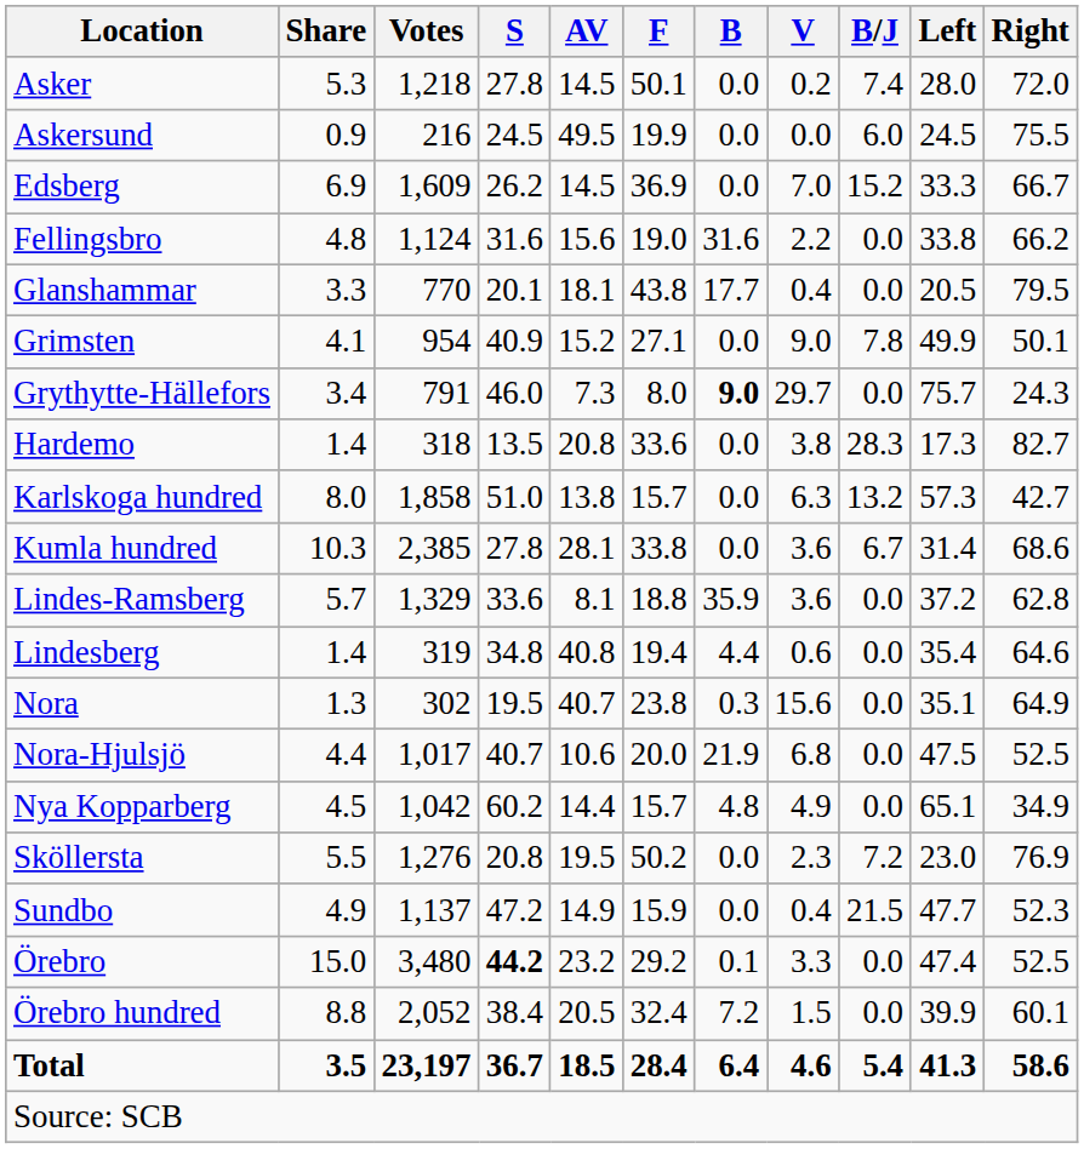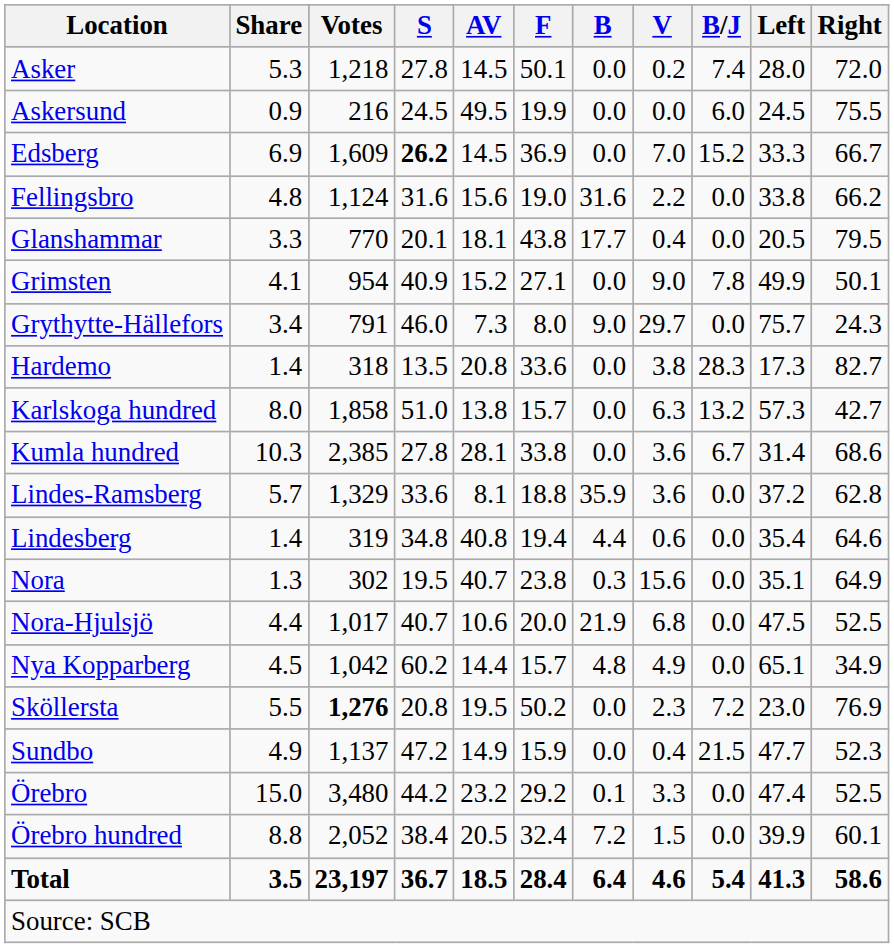 <table class="wikitable sortable" style=text-align:right>
 <tr>
 <th>Location</th>
 <th>Share</th>
 <th>Votes</th>
 <th><a href='#'>S</a></th>
 <th><a href='#'>AV</a></th>
 <th><a href='#'>F</a></th>
 <th><a href='#'>B</a></th>
 <th><a href='#'>V</a></th>
 <th><a href='#'>B</a>/<a href='#'>J</a></th>
 <th>Left</th>
 <th>Right</th>
 </tr>
 <tr>
 <td align=left><a href='#'>Asker</a></td>
 <td>5.3</td>
 <td>1,218</td>
 <td>27.8</td>
 <td>14.5</td>
 <td>50.1</td>
 <td>0.0</td>
 <td>0.2</td>
 <td>7.4</td>
 <td>28.0</td>
 <td>72.0</td>
 </tr>
 <tr>
 <td align=left><a href='#'>Askersund</a></td>
 <td>0.9</td>
 <td>216</td>
 <td>24.5</td>
 <td>49.5</td>
 <td>19.9</td>
 <td>0.0</td>
 <td>0.0</td>
 <td>6.0</td>
 <td>24.5</td>
 <td>75.5</td>
 </tr>
 <tr>
 <td align=left><a href='#'>Edsberg</a></td>
 <td>6.9</td>
 <td>1,609</td>
-<td>26.2</td>
+<td><strong>26.2</strong></td>
 <td>14.5</td>
 <td>36.9</td>
 <td>0.0</td>
 <td>7.0</td>
 <td>15.2</td>
 <td>33.3</td>
 <td>66.7</td>
 </tr>
 <tr>
 <td align=left><a href='#'>Fellingsbro</a></td>
 <td>4.8</td>
 <td>1,124</td>
 <td>31.6</td>
 <td>15.6</td>
 <td>19.0</td>
 <td>31.6</td>
 <td>2.2</td>
 <td>0.0</td>
 <td>33.8</td>
 <td>66.2</td>
 </tr>
 <tr>
 <td align=left><a href='#'>Glanshammar</a></td>
 <td>3.3</td>
 <td>770</td>
 <td>20.1</td>
 <td>18.1</td>
 <td>43.8</td>
 <td>17.7</td>
 <td>0.4</td>
 <td>0.0</td>
 <td>20.5</td>
 <td>79.5</td>
 </tr>
 <tr>
 <td align=left><a href='#'>Grimsten</a></td>
 <td>4.1</td>
 <td>954</td>
 <td>40.9</td>
 <td>15.2</td>
 <td>27.1</td>
 <td>0.0</td>
 <td>9.0</td>
 <td>7.8</td>
 <td>49.9</td>
 <td>50.1</td>
 </tr>
 <tr>
 <td align=left><a href='#'>Grythytte-Hällefors</a></td>
 <td>3.4</td>
 <td>791</td>
 <td>46.0</td>
 <td>7.3</td>
 <td>8.0</td>
-<td><strong>9.0</strong></td>
+<td>9.0</td>
 <td>29.7</td>
 <td>0.0</td>
 <td>75.7</td>
 <td>24.3</td>
 </tr>
 <tr>
 <td align=left><a href='#'>Hardemo</a></td>
 <td>1.4</td>
 <td>318</td>
 <td>13.5</td>
 <td>20.8</td>
 <td>33.6</td>
 <td>0.0</td>
 <td>3.8</td>
 <td>28.3</td>
 <td>17.3</td>
 <td>82.7</td>
 </tr>
 <tr>
 <td align=left><a href='#'>Karlskoga hundred</a></td>
 <td>8.0</td>
 <td>1,858</td>
 <td>51.0</td>
 <td>13.8</td>
 <td>15.7</td>
 <td>0.0</td>
 <td>6.3</td>
 <td>13.2</td>
 <td>57.3</td>
 <td>42.7</td>
 </tr>
 <tr>
 <td align=left><a href='#'>Kumla hundred</a></td>
 <td>10.3</td>
 <td>2,385</td>
 <td>27.8</td>
 <td>28.1</td>
 <td>33.8</td>
 <td>0.0</td>
 <td>3.6</td>
 <td>6.7</td>
 <td>31.4</td>
 <td>68.6</td>
 </tr>
 <tr>
 <td align=left><a href='#'>Lindes-Ramsberg</a></td>
 <td>5.7</td>
 <td>1,329</td>
 <td>33.6</td>
 <td>8.1</td>
 <td>18.8</td>
 <td>35.9</td>
 <td>3.6</td>
 <td>0.0</td>
 <td>37.2</td>
 <td>62.8</td>
 </tr>
 <tr>
 <td align=left><a href='#'>Lindesberg</a></td>
 <td>1.4</td>
 <td>319</td>
 <td>34.8</td>
 <td>40.8</td>
 <td>19.4</td>
 <td>4.4</td>
 <td>0.6</td>
 <td>0.0</td>
 <td>35.4</td>
 <td>64.6</td>
 </tr>
 <tr>
 <td align=left><a href='#'>Nora</a></td>
 <td>1.3</td>
 <td>302</td>
 <td>19.5</td>
 <td>40.7</td>
 <td>23.8</td>
 <td>0.3</td>
 <td>15.6</td>
 <td>0.0</td>
 <td>35.1</td>
 <td>64.9</td>
 </tr>
 <tr>
 <td align=left><a href='#'>Nora-Hjulsjö</a></td>
 <td>4.4</td>
 <td>1,017</td>
 <td>40.7</td>
 <td>10.6</td>
 <td>20.0</td>
 <td>21.9</td>
 <td>6.8</td>
 <td>0.0</td>
 <td>47.5</td>
 <td>52.5</td>
 </tr>
 <tr>
 <td align=left><a href='#'>Nya Kopparberg</a></td>
 <td>4.5</td>
 <td>1,042</td>
 <td>60.2</td>
 <td>14.4</td>
 <td>15.7</td>
 <td>4.8</td>
 <td>4.9</td>
 <td>0.0</td>
 <td>65.1</td>
 <td>34.9</td>
 </tr>
 <tr>
 <td align=left><a href='#'>Sköllersta</a></td>
 <td>5.5</td>
-<td>1,276</td>
+<td><strong>1,276</strong></td>
 <td>20.8</td>
 <td>19.5</td>
 <td>50.2</td>
 <td>0.0</td>
 <td>2.3</td>
 <td>7.2</td>
 <td>23.0</td>
 <td>76.9</td>
 </tr>
 <tr>
 <td align=left><a href='#'>Sundbo</a></td>
 <td>4.9</td>
 <td>1,137</td>
 <td>47.2</td>
 <td>14.9</td>
 <td>15.9</td>
 <td>0.0</td>
 <td>0.4</td>
 <td>21.5</td>
 <td>47.7</td>
 <td>52.3</td>
 </tr>
 <tr>
 <td align=left><a href='#'>Örebro</a></td>
 <td>15.0</td>
 <td>3,480</td>
-<td><strong>44.2</strong></td>
+<td>44.2</td>
 <td>23.2</td>
 <td>29.2</td>
 <td>0.1</td>
 <td>3.3</td>
 <td>0.0</td>
 <td>47.4</td>
 <td>52.5</td>
 </tr>
 <tr>
 <td align=left><a href='#'>Örebro hundred</a></td>
 <td>8.8</td>
 <td>2,052</td>
 <td>38.4</td>
 <td>20.5</td>
 <td>32.4</td>
 <td>7.2</td>
 <td>1.5</td>
 <td>0.0</td>
 <td>39.9</td>
 <td>60.1</td>
 </tr>
 <tr>
 <td align=left><strong>Total</strong></td>
 <td><strong>3.5</strong></td>
 <td><strong>23,197</strong></td>
 <td><strong>36.7</strong></td>
 <td><strong>18.5</strong></td>
 <td><strong>28.4</strong></td>
 <td><strong>6.4</strong></td>
 <td><strong>4.6</strong></td>
 <td><strong>5.4</strong></td>
 <td><strong>41.3</strong></td>
 <td><strong>58.6</strong></td>
 </tr>
 <tr>
 <td align=left colspan=11>Source: SCB </td>
 </tr>
 </table>
